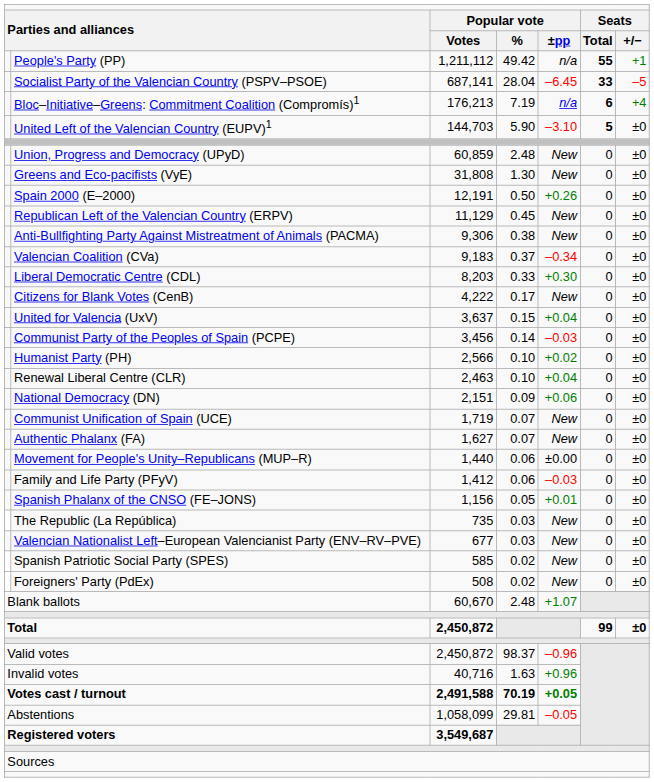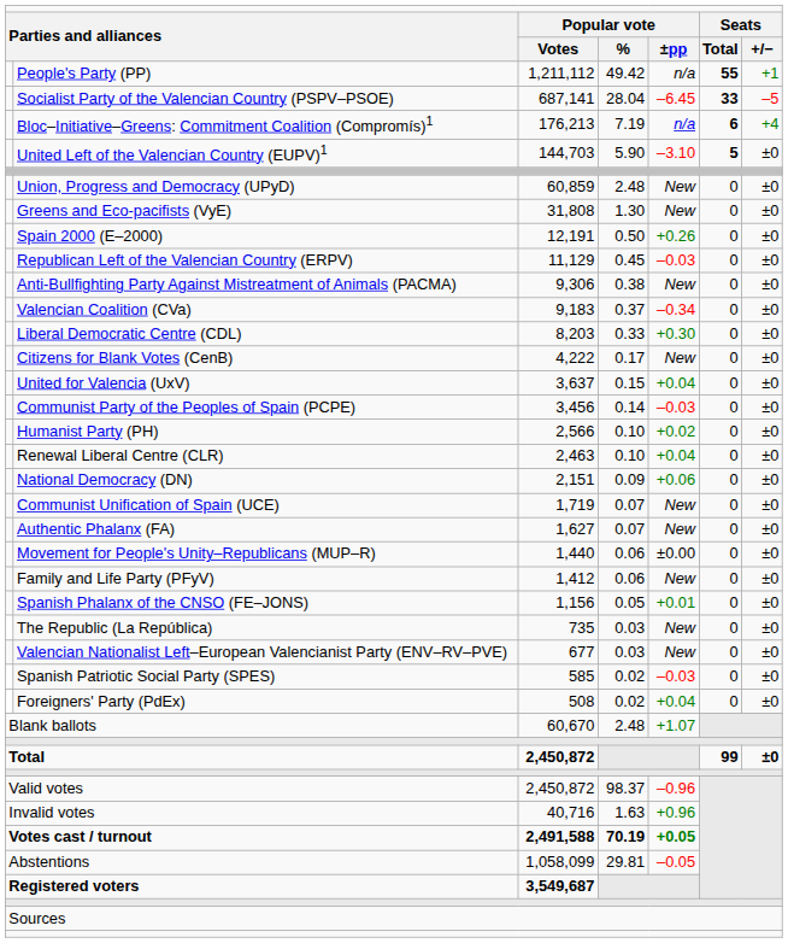 <table class="wikitable" style="text-align:right;">
 <tr>
 <td colspan="7"></td>
 </tr>
 <tr>
 <th style="text-align:left;" rowspan="2" colspan="2" width="525">Parties and alliances</th>
 <th colspan="3">Popular vote</th>
 <th colspan="2">Seats</th>
 </tr>
 <tr>
 <th width="75">Votes</th>
 <th width="45">%</th>
 <th width="45">±<a href='#'>pp</a></th>
 <th width="35">Total</th>
 <th width="35">+/−</th>
 </tr>
 <tr>
 <td width="1" style="color:inherit;background:"></td>
 <td align="left"><a href='#'>People's Party</a> (PP)</td>
 <td>1,211,112</td>
 <td>49.42</td>
 <td><em>n/a</em></td>
 <td><strong>55</strong></td>
 <td style="color:green;">+1</td>
 </tr>
 <tr>
 <td style="color:inherit;background:"></td>
 <td align="left"><a href='#'>Socialist Party of the Valencian Country</a> (PSPV–PSOE)</td>
 <td>687,141</td>
 <td>28.04</td>
 <td style="color:red;">–6.45</td>
 <td><strong>33</strong></td>
 <td style="color:red;">–5</td>
 </tr>
 <tr>
 <td style="color:inherit;background:"></td>
 <td align="left"><a href='#'>Bloc</a>–<a href='#'>Initiative</a>–<a href='#'>Greens</a>: <a href='#'>Commitment Coalition</a> (Compromís)<sup>1</sup></td>
 <td>176,213</td>
 <td>7.19</td>
 <td><em><a href='#'>n/a</a></em></td>
 <td><strong>6</strong></td>
 <td style="color:green;">+4</td>
 </tr>
 <tr>
 <td style="color:inherit;background:"></td>
 <td align="left"><a href='#'>United Left of the Valencian Country</a> (EUPV)<sup>1</sup></td>
 <td>144,703</td>
 <td>5.90</td>
 <td style="color:red;">–3.10</td>
 <td><strong>5</strong></td>
 <td>±0</td>
 </tr>
 <tr>
 <td colspan="7" bgcolor="#C0C0C0"></td>
 </tr>
 <tr>
 <td style="color:inherit;background:"></td>
 <td align="left"><a href='#'>Union, Progress and Democracy</a> (UPyD)</td>
 <td>60,859</td>
 <td>2.48</td>
 <td><em>New</em></td>
 <td>0</td>
 <td>±0</td>
 </tr>
 <tr>
 <td style="color:inherit;background:"></td>
 <td align="left"><a href='#'>Greens and Eco-pacifists</a> (VyE)</td>
 <td>31,808</td>
 <td>1.30</td>
 <td><em>New</em></td>
 <td>0</td>
 <td>±0</td>
 </tr>
 <tr>
 <td style="color:inherit;background:"></td>
 <td align="left"><a href='#'>Spain 2000</a> (E–2000)</td>
 <td>12,191</td>
 <td>0.50</td>
 <td style="color:green;">+0.26</td>
 <td>0</td>
 <td>±0</td>
 </tr>
 <tr>
 <td style="color:inherit;background:"></td>
 <td align="left"><a href='#'>Republican Left of the Valencian Country</a> (ERPV)</td>
 <td>11,129</td>
 <td>0.45</td>
-<td><em>New</em></td>
+<td style="color:red;">–0.03</td>
 <td>0</td>
 <td>±0</td>
 </tr>
 <tr>
 <td style="color:inherit;background:"></td>
 <td align="left"><a href='#'>Anti-Bullfighting Party Against Mistreatment of Animals</a> (PACMA)</td>
 <td>9,306</td>
 <td>0.38</td>
 <td><em>New</em></td>
 <td>0</td>
 <td>±0</td>
 </tr>
 <tr>
 <td style="color:inherit;background:"></td>
 <td align="left"><a href='#'>Valencian Coalition</a> (CVa)</td>
 <td>9,183</td>
 <td>0.37</td>
 <td style="color:red;">–0.34</td>
 <td>0</td>
 <td>±0</td>
 </tr>
 <tr>
 <td style="color:inherit;background:"></td>
 <td align="left"><a href='#'>Liberal Democratic Centre</a> (CDL)</td>
 <td>8,203</td>
 <td>0.33</td>
 <td style="color:green;">+0.30</td>
 <td>0</td>
 <td>±0</td>
 </tr>
 <tr>
 <td style="color:inherit;background:"></td>
 <td align="left"><a href='#'>Citizens for Blank Votes</a> (CenB)</td>
 <td>4,222</td>
 <td>0.17</td>
 <td><em>New</em></td>
 <td>0</td>
 <td>±0</td>
 </tr>
 <tr>
 <td style="color:inherit;background:"></td>
 <td align="left"><a href='#'>United for Valencia</a> (UxV)</td>
 <td>3,637</td>
 <td>0.15</td>
 <td style="color:green;">+0.04</td>
 <td>0</td>
 <td>±0</td>
 </tr>
 <tr>
 <td style="color:inherit;background:"></td>
 <td align="left"><a href='#'>Communist Party of the Peoples of Spain</a> (PCPE)</td>
 <td>3,456</td>
 <td>0.14</td>
 <td style="color:red;">–0.03</td>
 <td>0</td>
 <td>±0</td>
 </tr>
 <tr>
 <td style="color:inherit;background:"></td>
 <td align="left"><a href='#'>Humanist Party</a> (PH)</td>
 <td>2,566</td>
 <td>0.10</td>
 <td style="color:green;">+0.02</td>
 <td>0</td>
 <td>±0</td>
 </tr>
 <tr>
 <td style="color:inherit;background:"></td>
 <td align="left">Renewal Liberal Centre (CLR)</td>
 <td>2,463</td>
 <td>0.10</td>
 <td style="color:green;">+0.04</td>
 <td>0</td>
 <td>±0</td>
 </tr>
 <tr>
 <td style="color:inherit;background:"></td>
 <td align="left"><a href='#'>National Democracy</a> (DN)</td>
 <td>2,151</td>
 <td>0.09</td>
 <td style="color:green;">+0.06</td>
 <td>0</td>
 <td>±0</td>
 </tr>
 <tr>
 <td style="color:inherit;background:"></td>
 <td align="left"><a href='#'>Communist Unification of Spain</a> (UCE)</td>
 <td>1,719</td>
 <td>0.07</td>
 <td><em>New</em></td>
 <td>0</td>
 <td>±0</td>
 </tr>
 <tr>
 <td style="color:inherit;background:"></td>
 <td align="left"><a href='#'>Authentic Phalanx</a> (FA)</td>
 <td>1,627</td>
 <td>0.07</td>
 <td><em>New</em></td>
 <td>0</td>
 <td>±0</td>
 </tr>
 <tr>
 <td style="color:inherit;background:"></td>
 <td align="left"><a href='#'>Movement for People's Unity–Republicans</a> (MUP–R)</td>
 <td>1,440</td>
 <td>0.06</td>
 <td>±0.00</td>
 <td>0</td>
 <td>±0</td>
 </tr>
 <tr>
 <td style="color:inherit;background:"></td>
 <td align="left">Family and Life Party (PFyV)</td>
 <td>1,412</td>
 <td>0.06</td>
-<td style="color:red;">–0.03</td>
+<td><em>New</em></td>
 <td>0</td>
 <td>±0</td>
 </tr>
 <tr>
 <td style="color:inherit;background:"></td>
 <td align="left"><a href='#'>Spanish Phalanx of the CNSO</a> (FE–JONS)</td>
 <td>1,156</td>
 <td>0.05</td>
 <td style="color:green;">+0.01</td>
 <td>0</td>
 <td>±0</td>
 </tr>
 <tr>
 <td bgcolor="white"></td>
 <td align="left">The Republic (La República)</td>
 <td>735</td>
 <td>0.03</td>
 <td><em>New</em></td>
 <td>0</td>
 <td>±0</td>
 </tr>
 <tr>
 <td style="color:inherit;background:"></td>
 <td align="left"><a href='#'>Valencian Nationalist Left</a>–European Valencianist Party (ENV–RV–PVE)</td>
 <td>677</td>
 <td>0.03</td>
 <td><em>New</em></td>
 <td>0</td>
 <td>±0</td>
 </tr>
 <tr>
 <td bgcolor="white"></td>
 <td align="left">Spanish Patriotic Social Party (SPES)</td>
 <td>585</td>
 <td>0.02</td>
-<td><em>New</em></td>
+<td style="color:red;">–0.03</td>
 <td>0</td>
 <td>±0</td>
 </tr>
 <tr>
 <td bgcolor="white"></td>
 <td align="left">Foreigners' Party (PdEx)</td>
 <td>508</td>
 <td>0.02</td>
-<td><em>New</em></td>
+<td style="color:green;">+0.04</td>
 <td>0</td>
 <td>±0</td>
 </tr>
 <tr>
 <td align="left" colspan="2">Blank ballots</td>
 <td>60,670</td>
 <td>2.48</td>
 <td style="color:green;">+1.07</td>
 <td bgcolor="#E9E9E9" colspan="2"></td>
 </tr>
 <tr>
 <td colspan="7" bgcolor="#E9E9E9"></td>
 </tr>
 <tr style="font-weight:bold;">
 <td align="left" colspan="2">Total</td>
 <td>2,450,872</td>
 <td bgcolor="#E9E9E9" colspan="2"></td>
 <td>99</td>
 <td>±0</td>
 </tr>
 <tr>
 <td colspan="7" bgcolor="#E9E9E9"></td>
 </tr>
 <tr>
 <td align="left" colspan="2">Valid votes</td>
 <td>2,450,872</td>
 <td>98.37</td>
 <td style="color:red;">–0.96</td>
 <td bgcolor="#E9E9E9" colspan="2" rowspan="5"></td>
 </tr>
 <tr>
 <td align="left" colspan="2">Invalid votes</td>
 <td>40,716</td>
 <td>1.63</td>
 <td style="color:green;">+0.96</td>
 </tr>
 <tr style="font-weight:bold;">
 <td align="left" colspan="2">Votes cast / turnout</td>
 <td>2,491,588</td>
 <td>70.19</td>
 <td style="color:green;">+0.05</td>
 </tr>
 <tr>
 <td align="left" colspan="2">Abstentions</td>
 <td>1,058,099</td>
 <td>29.81</td>
 <td style="color:red;">–0.05</td>
 </tr>
 <tr style="font-weight:bold;">
 <td align="left" colspan="2">Registered voters</td>
 <td>3,549,687</td>
 <td bgcolor="#E9E9E9" colspan="2"></td>
 </tr>
 <tr>
 <td colspan="7" bgcolor="#E9E9E9"></td>
 </tr>
 <tr>
 <td align="left" colspan="7">Sources</td>
 </tr>
 <tr>
 <td colspan="7" style="text-align:left; max-width:790px;"></td>
 </tr>
 </table>
